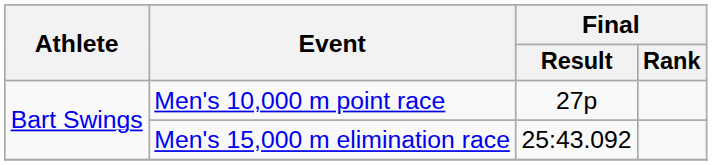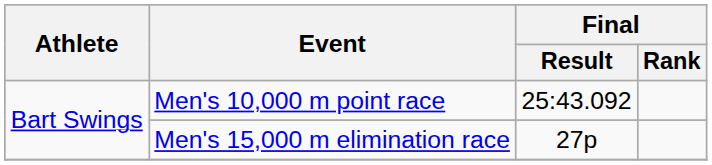 <table class="wikitable" style="font-size:90%">
 <tr>
 <th rowspan=2>Athlete</th>
 <th rowspan=2>Event</th>
 <th colspan=2>Final</th>
 </tr>
 <tr style="font-size:95%">
 <th>Result</th>
 <th>Rank</th>
 </tr>
 <tr align="center">
 <td align=left rowspan=2><a href='#'>Bart Swings</a></td>
 <td align=left><a href='#'>Men's 10,000 m point race</a></td>
-<td>27p</td>
+<td>25:43.092</td>
 <td></td>
 </tr>
 <tr align="center">
 <td align=left><a href='#'>Men's 15,000 m elimination race</a></td>
-<td>25:43.092</td>
+<td>27p</td>
 <td></td>
 </tr>
 <tr align="center">
 </tr>
 </table>
